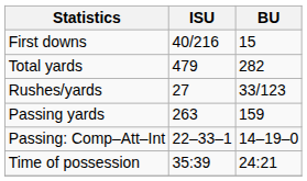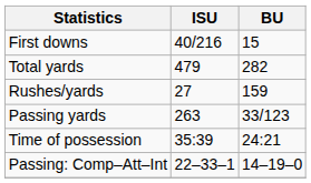 <table class="wikitable" style="float: left;">
 <tr>
 <th>Statistics</th>
 <th>ISU</th>
 <th>BU</th>
 </tr>
 <tr>
 <td>First downs</td>
 <td>40/216</td>
 <td>15</td>
 </tr>
 <tr>
 <td>Total yards</td>
 <td>479</td>
 <td>282</td>
 </tr>
 <tr>
 <td>Rushes/yards</td>
 <td>27</td>
-<td>33/123</td>
+<td>159</td>
 </tr>
 <tr>
 <td>Passing yards</td>
 <td>263</td>
-<td>159</td>
+<td>33/123</td>
+</tr>
+<tr>
+<td>Time of possession</td>
+<td>35:39</td>
+<td>24:21</td>
 </tr>
 <tr>
 <td>Passing: Comp–Att–Int</td>
 <td>22–33–1</td>
 <td>14–19–0</td>
 </tr>
 <tr>
-<td>Time of possession</td>
-<td>35:39</td>
-<td>24:21</td>
-</tr>
-<tr>
 </tr>
 </table>
